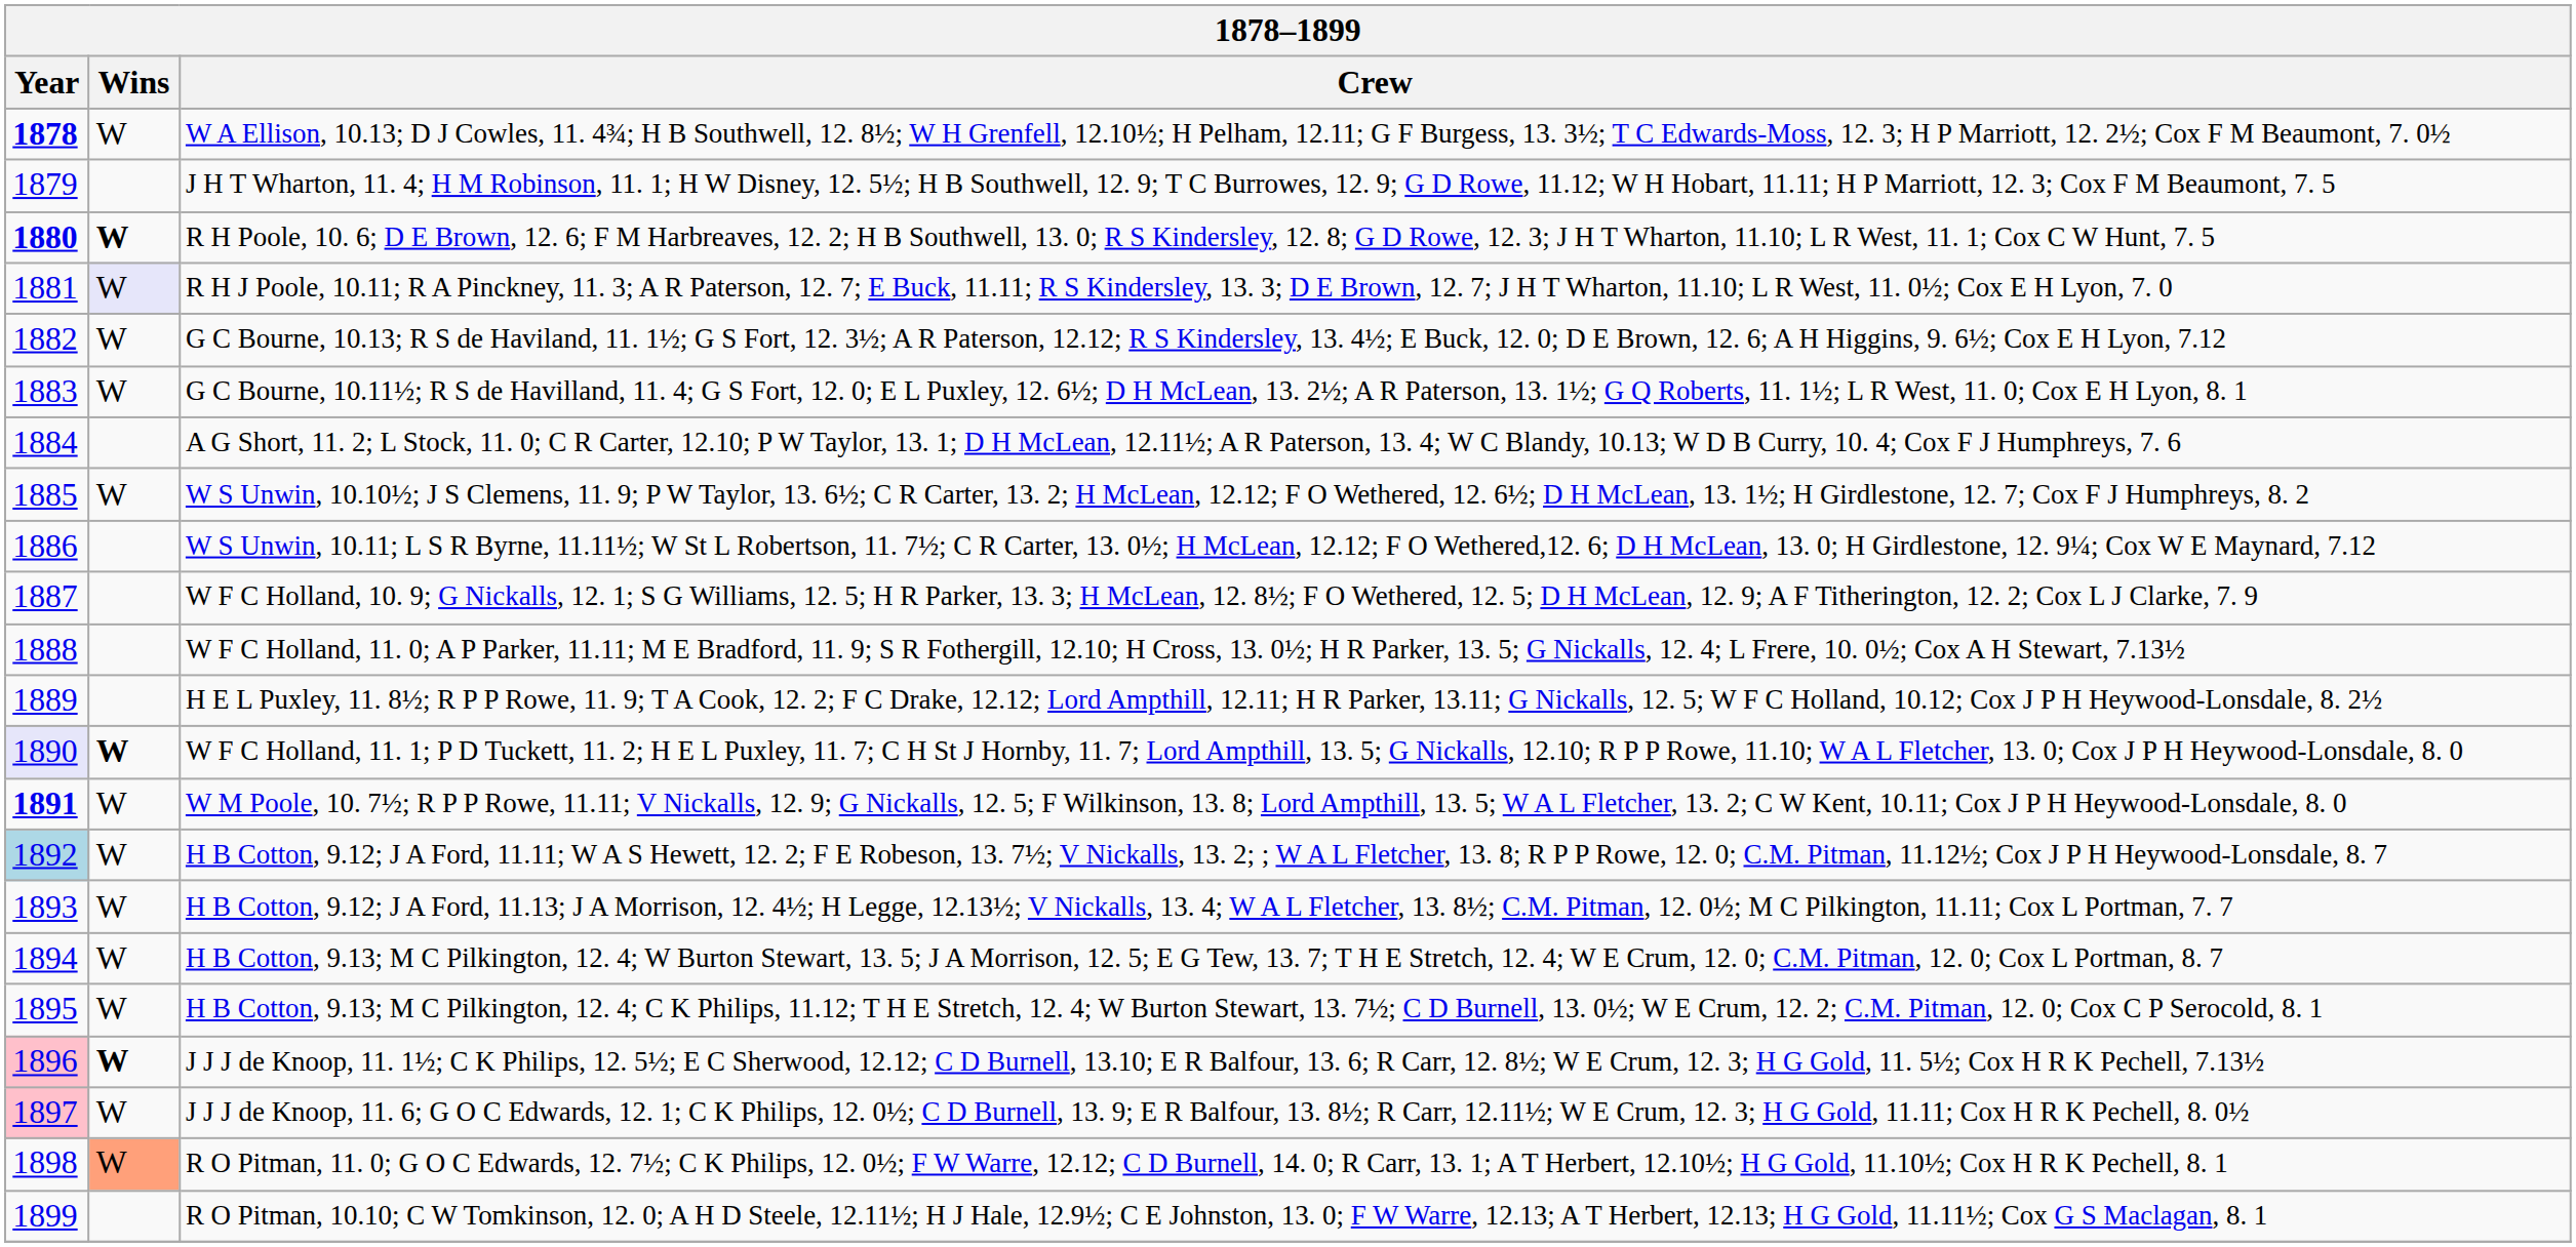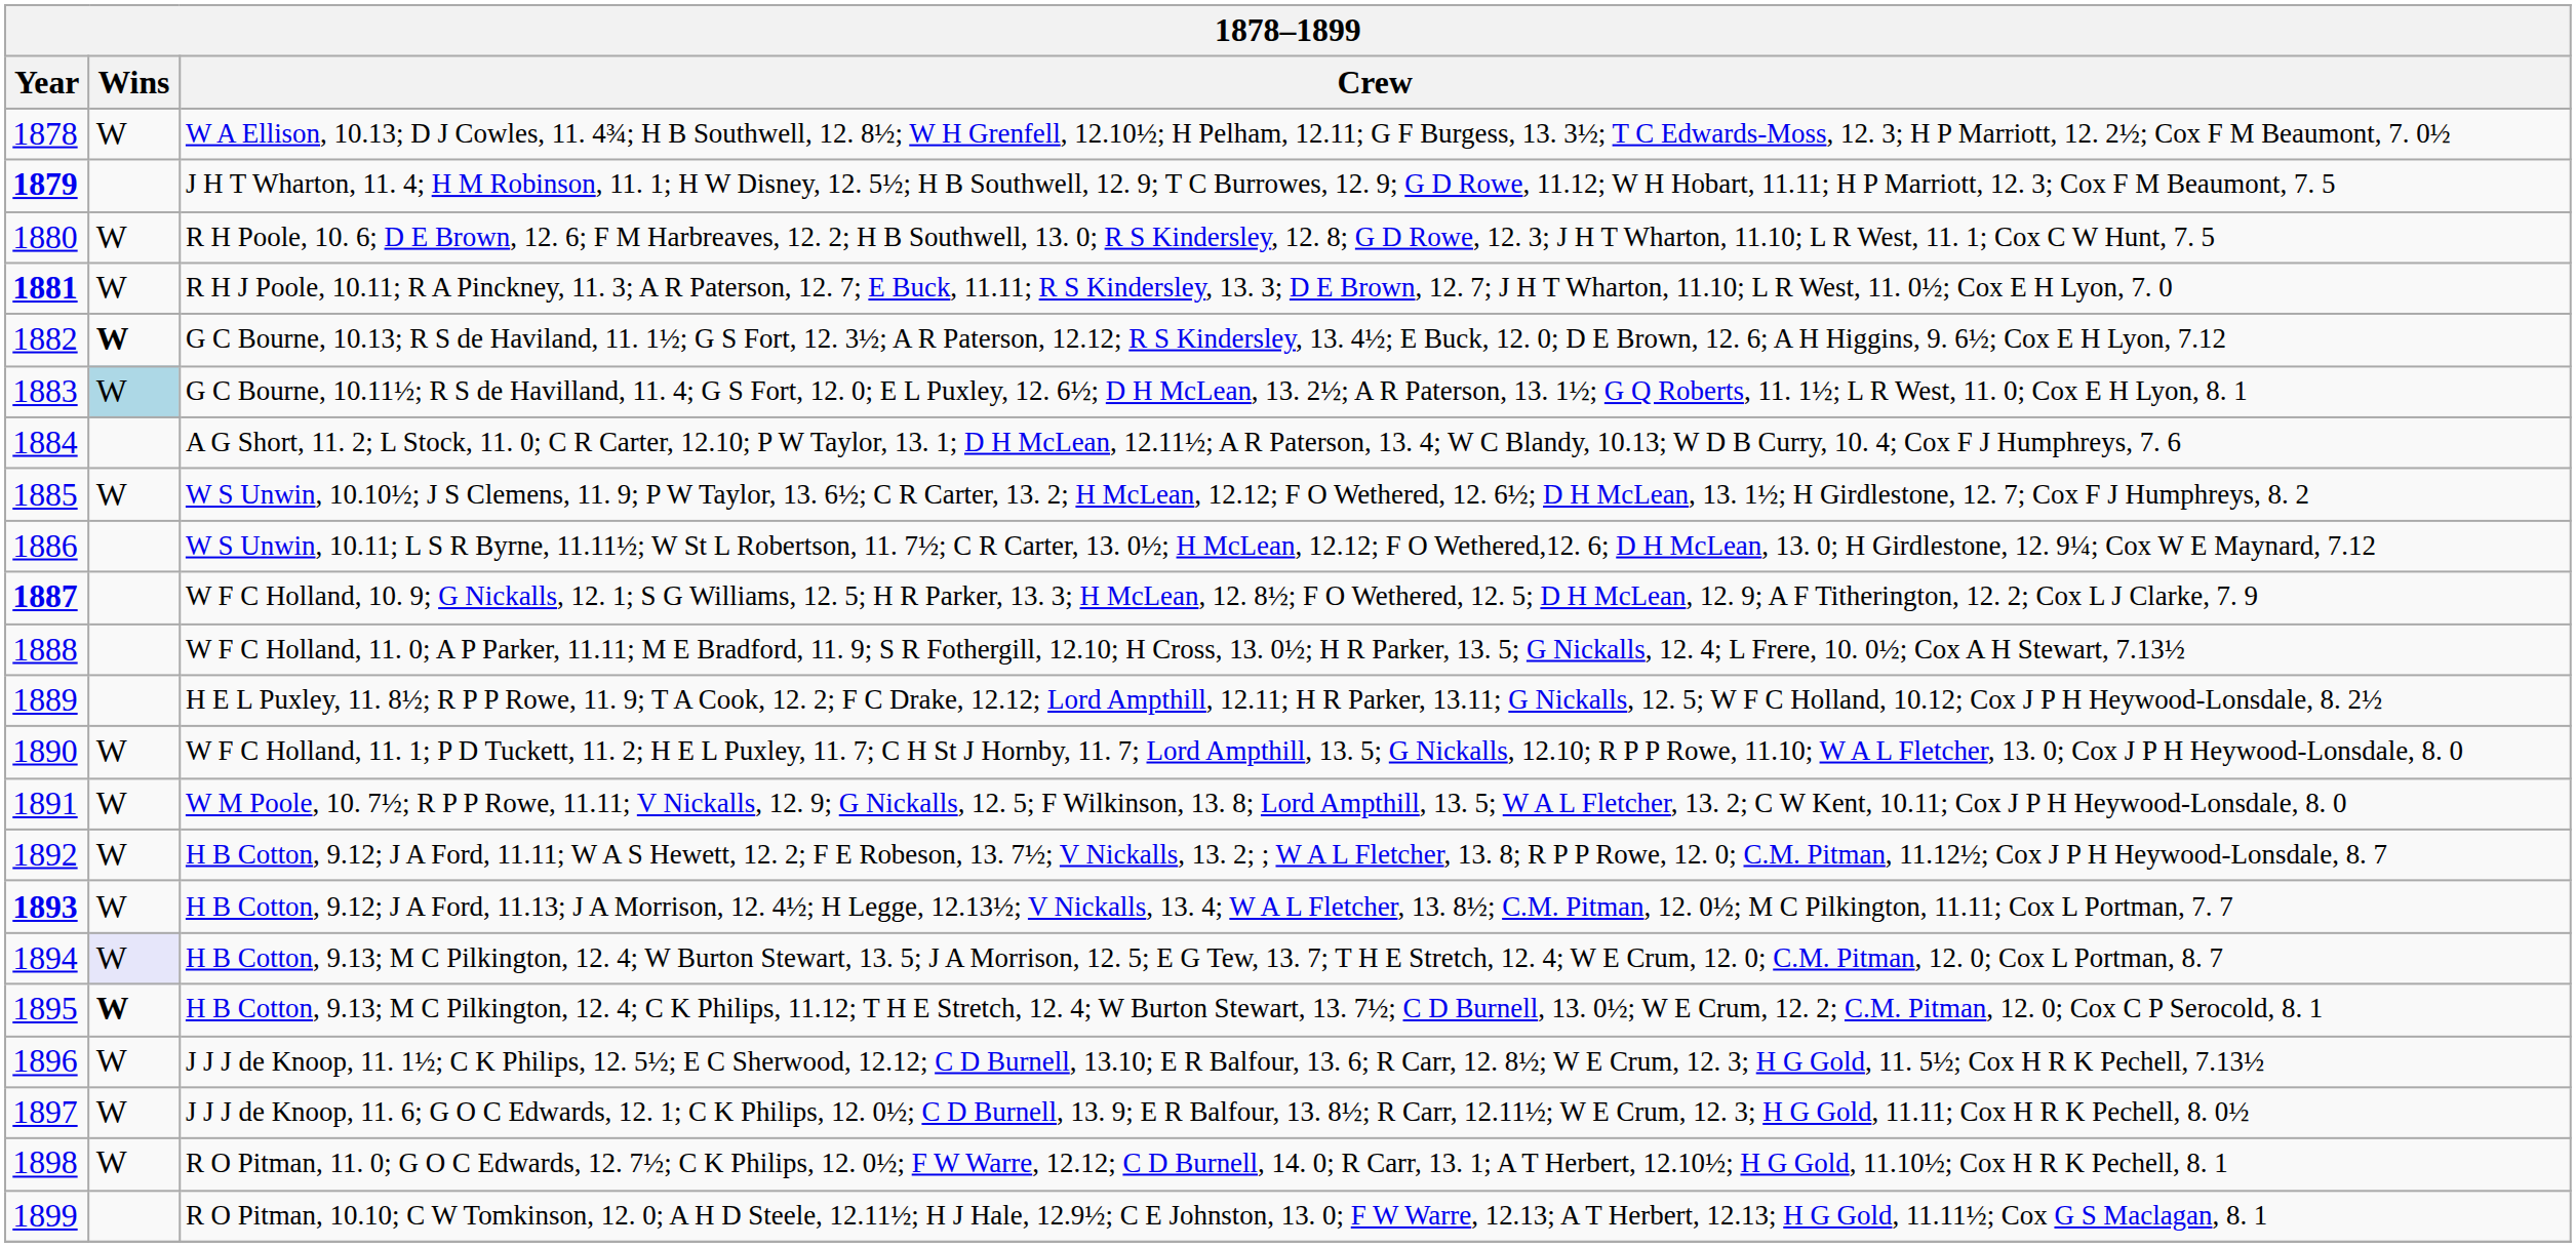 <table class="wikitable" width="100%">
 <tr>
 <th colspan=3>1878–1899</th>
 </tr>
 <tr>
 <th>Year</th>
 <th>Wins</th>
 <th>Crew</th>
 </tr>
 <tr>
-<td><strong><a href='#'>1878</a></strong></td>
+<td><a href='#'>1878</a></td>
 <td>W</td>
 <td style="font-size:85%"><a href='#'>W A Ellison</a>, 10.13; D J Cowles, 11. 4¾; H B Southwell, 12. 8½; <a href='#'>W H Grenfell</a>, 12.10½; H Pelham, 12.11; G F Burgess, 13. 3½; <a href='#'>T C Edwards-Moss</a>, 12. 3; H P Marriott, 12. 2½; Cox F M Beaumont, 7. 0½</td>
 </tr>
 <tr>
-<td><a href='#'>1879</a></td>
+<td><strong><a href='#'>1879</a></strong></td>
 <td></td>
 <td style="font-size:85%">J H T Wharton, 11. 4; <a href='#'>H M Robinson</a>, 11. 1; H W Disney, 12. 5½; H B Southwell, 12. 9; T C Burrowes, 12. 9; <a href='#'>G D Rowe</a>, 11.12; W H Hobart, 11.11; H P Marriott, 12. 3; Cox F M Beaumont, 7. 5</td>
 </tr>
 <tr>
-<td><strong><a href='#'>1880</a></strong></td>
-<td><strong>W</strong></td>
+<td><a href='#'>1880</a></td>
+<td>W</td>
 <td style="font-size:85%">R H Poole, 10. 6; <a href='#'>D E Brown</a>, 12. 6; F M Harbreaves, 12. 2; H B Southwell, 13. 0; <a href='#'>R S Kindersley</a>, 12. 8; <a href='#'>G D Rowe</a>, 12. 3; J H T Wharton, 11.10; L R West, 11. 1; Cox C W Hunt, 7. 5</td>
 </tr>
 <tr>
-<td><a href='#'>1881</a></td>
-<td style="background: lavender;">W</td>
+<td><strong><a href='#'>1881</a></strong></td>
+<td>W</td>
 <td style="font-size:85%">R H J Poole, 10.11; R A Pinckney, 11. 3; A R Paterson, 12. 7; <a href='#'>E Buck</a>, 11.11; <a href='#'>R S Kindersley</a>, 13. 3; <a href='#'>D E Brown</a>, 12. 7; J H T Wharton, 11.10; L R West, 11. 0½; Cox E H Lyon, 7. 0</td>
 </tr>
 <tr>
 <td><a href='#'>1882</a></td>
-<td>W</td>
+<td><strong>W</strong></td>
 <td style="font-size:85%">G C Bourne, 10.13; R S de Haviland, 11. 1½; G S Fort, 12. 3½; A R Paterson, 12.12; <a href='#'>R S Kindersley</a>, 13. 4½; E Buck, 12. 0; D E Brown, 12. 6; A H Higgins, 9. 6½; Cox E H Lyon, 7.12</td>
 </tr>
 <tr>
 <td><a href='#'>1883</a></td>
-<td>W</td>
+<td style="background: lightblue;">W</td>
 <td style="font-size:85%">G C Bourne, 10.11½; R S de Havilland, 11. 4; G S Fort, 12. 0; E L Puxley, 12. 6½; <a href='#'>D H McLean</a>, 13. 2½; A R Paterson, 13. 1½; <a href='#'>G Q Roberts</a>, 11. 1½; L R West, 11. 0; Cox E H Lyon, 8. 1</td>
 </tr>
 <tr>
 <td><a href='#'>1884</a></td>
 <td></td>
 <td style="font-size:85%">A G Short, 11. 2; L Stock, 11. 0; C R Carter, 12.10; P W Taylor, 13. 1; <a href='#'>D H McLean</a>, 12.11½; A R Paterson, 13. 4; W C Blandy, 10.13; W D B Curry, 10. 4; Cox F J Humphreys, 7. 6</td>
 </tr>
 <tr>
 <td><a href='#'>1885</a></td>
 <td>W</td>
 <td style="font-size:85%"><a href='#'>W S Unwin</a>, 10.10½; J S Clemens, 11. 9; P W Taylor, 13. 6½; C R Carter, 13. 2; <a href='#'>H McLean</a>, 12.12; F O Wethered, 12. 6½; <a href='#'>D H McLean</a>, 13. 1½; H Girdlestone, 12. 7; Cox F J Humphreys, 8. 2</td>
 </tr>
 <tr>
 <td><a href='#'>1886</a></td>
 <td></td>
 <td style="font-size:85%"><a href='#'>W S Unwin</a>, 10.11; L S R Byrne, 11.11½; W St L Robertson, 11. 7½; C R Carter, 13. 0½; <a href='#'>H McLean</a>, 12.12; F O Wethered,12. 6; <a href='#'>D H McLean</a>, 13. 0; H Girdlestone, 12. 9¼; Cox W E Maynard, 7.12</td>
 </tr>
 <tr>
-<td><a href='#'>1887</a></td>
+<td><strong><a href='#'>1887</a></strong></td>
 <td></td>
 <td style="font-size:85%">W F C Holland, 10. 9; <a href='#'>G Nickalls</a>, 12. 1; S G Williams, 12. 5; H R Parker, 13. 3; <a href='#'>H McLean</a>, 12. 8½; F O Wethered, 12. 5; <a href='#'>D H McLean</a>, 12. 9; A F Titherington, 12. 2; Cox L J Clarke, 7. 9</td>
 </tr>
 <tr>
 <td><a href='#'>1888</a></td>
 <td></td>
 <td style="font-size:85%">W F C Holland, 11. 0; A P Parker, 11.11; M E Bradford, 11. 9; S R Fothergill, 12.10; H Cross, 13. 0½; H R Parker, 13. 5; <a href='#'>G Nickalls</a>, 12. 4; L Frere, 10. 0½; Cox A H Stewart, 7.13½</td>
 </tr>
 <tr>
 <td><a href='#'>1889</a></td>
 <td></td>
 <td style="font-size:85%">H E L Puxley, 11. 8½; R P P Rowe, 11. 9; T A Cook, 12. 2; F C Drake, 12.12; <a href='#'>Lord Ampthill</a>, 12.11; H R Parker, 13.11; <a href='#'>G Nickalls</a>, 12. 5; W F C Holland, 10.12; Cox J P H Heywood-Lonsdale, 8. 2½</td>
 </tr>
 <tr>
-<td style="background: lavender;"><a href='#'>1890</a></td>
-<td><strong>W</strong></td>
+<td><a href='#'>1890</a></td>
+<td>W</td>
 <td style="font-size:85%">W F C Holland, 11. 1; P D Tuckett, 11. 2; H E L Puxley, 11. 7; C H St J Hornby, 11. 7; <a href='#'>Lord Ampthill</a>, 13. 5; <a href='#'>G Nickalls</a>, 12.10; R P P Rowe, 11.10; <a href='#'>W A L Fletcher</a>, 13. 0; Cox J P H Heywood-Lonsdale, 8. 0</td>
 </tr>
 <tr>
-<td><strong><a href='#'>1891</a></strong></td>
+<td><a href='#'>1891</a></td>
 <td>W</td>
 <td style="font-size:85%"><a href='#'>W M Poole</a>, 10. 7½; R P P Rowe, 11.11; <a href='#'>V Nickalls</a>, 12. 9; <a href='#'>G Nickalls</a>, 12. 5; F Wilkinson, 13. 8; <a href='#'>Lord Ampthill</a>, 13. 5; <a href='#'>W A L Fletcher</a>, 13. 2; C W Kent, 10.11; Cox J P H Heywood-Lonsdale, 8. 0</td>
 </tr>
 <tr>
-<td style="background: lightblue;"><a href='#'>1892</a></td>
+<td><a href='#'>1892</a></td>
 <td>W</td>
 <td style="font-size:85%"><a href='#'>H B Cotton</a>, 9.12; J A Ford, 11.11; W A S Hewett, 12. 2; F E Robeson, 13. 7½; <a href='#'>V Nickalls</a>, 13. 2; ; <a href='#'>W A L Fletcher</a>, 13. 8; R P P Rowe, 12. 0; <a href='#'>C.M. Pitman</a>, 11.12½; Cox J P H Heywood-Lonsdale, 8. 7</td>
 </tr>
 <tr>
-<td><a href='#'>1893</a></td>
+<td><strong><a href='#'>1893</a></strong></td>
 <td>W</td>
 <td style="font-size:85%"><a href='#'>H B Cotton</a>, 9.12; J A Ford, 11.13; J A Morrison, 12. 4½; H Legge, 12.13½; <a href='#'>V Nickalls</a>, 13. 4; <a href='#'>W A L Fletcher</a>, 13. 8½; <a href='#'>C.M. Pitman</a>, 12. 0½; M C Pilkington, 11.11; Cox L Portman, 7. 7</td>
 </tr>
 <tr>
 <td><a href='#'>1894</a></td>
-<td>W</td>
+<td style="background: lavender;">W</td>
 <td style="font-size:85%"><a href='#'>H B Cotton</a>, 9.13; M C Pilkington, 12. 4; W Burton Stewart, 13. 5; J A Morrison, 12. 5; E G Tew, 13. 7; T H E Stretch, 12. 4; W E Crum, 12. 0; <a href='#'>C.M. Pitman</a>, 12. 0; Cox L Portman, 8. 7</td>
 </tr>
 <tr>
 <td><a href='#'>1895</a></td>
-<td>W</td>
+<td><strong>W</strong></td>
 <td style="font-size:85%"><a href='#'>H B Cotton</a>, 9.13; M C Pilkington, 12. 4; C K Philips, 11.12; T H E Stretch, 12. 4; W Burton Stewart, 13. 7½; <a href='#'>C D Burnell</a>, 13. 0½; W E Crum, 12. 2; <a href='#'>C.M. Pitman</a>, 12. 0; Cox C P Serocold, 8. 1</td>
 </tr>
 <tr>
-<td style="background: pink;"><a href='#'>1896</a></td>
-<td><strong>W</strong></td>
+<td><a href='#'>1896</a></td>
+<td>W</td>
 <td style="font-size:85%">J J J de Knoop, 11. 1½; C K Philips, 12. 5½; E C Sherwood, 12.12; <a href='#'>C D Burnell</a>, 13.10; E R Balfour, 13. 6; R Carr, 12. 8½; W E Crum, 12. 3; <a href='#'>H G Gold</a>, 11. 5½; Cox H R K Pechell, 7.13½</td>
 </tr>
 <tr>
-<td style="background: pink;"><a href='#'>1897</a></td>
+<td><a href='#'>1897</a></td>
 <td>W</td>
 <td style="font-size:85%">J J J de Knoop, 11. 6; G O C Edwards, 12. 1; C K Philips, 12. 0½; <a href='#'>C D Burnell</a>, 13. 9; E R Balfour, 13. 8½; R Carr, 12.11½; W E Crum, 12. 3; <a href='#'>H G Gold</a>, 11.11; Cox H R K Pechell, 8. 0½</td>
 </tr>
 <tr>
 <td><a href='#'>1898</a></td>
-<td style="background: lightsalmon;">W</td>
+<td>W</td>
 <td style="font-size:85%">R O Pitman, 11. 0; G O C Edwards, 12. 7½; C K Philips, 12. 0½; <a href='#'>F W Warre</a>, 12.12; <a href='#'>C D Burnell</a>, 14. 0; R Carr, 13. 1; A T Herbert, 12.10½; <a href='#'>H G Gold</a>, 11.10½; Cox H R K Pechell, 8. 1</td>
 </tr>
 <tr>
 <td><a href='#'>1899</a></td>
 <td></td>
 <td style="font-size:85%">R O Pitman, 10.10; C W Tomkinson, 12. 0; A H D Steele, 12.11½; H J Hale, 12.9½; C E Johnston, 13. 0; <a href='#'>F W Warre</a>, 12.13; A T Herbert, 12.13; <a href='#'>H G Gold</a>, 11.11½; Cox <a href='#'>G S Maclagan</a>, 8. 1</td>
 </tr>
 <tr>
 </tr>
 </table>
